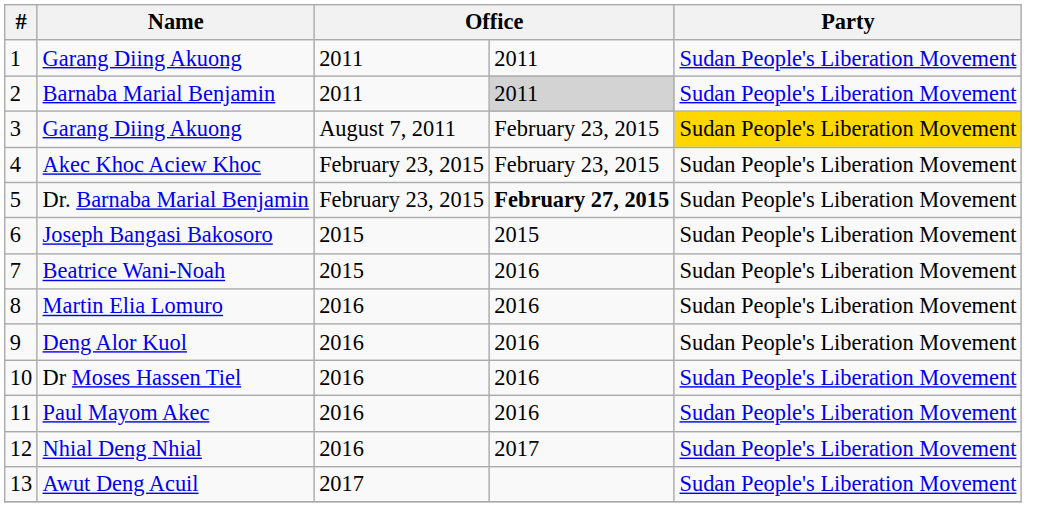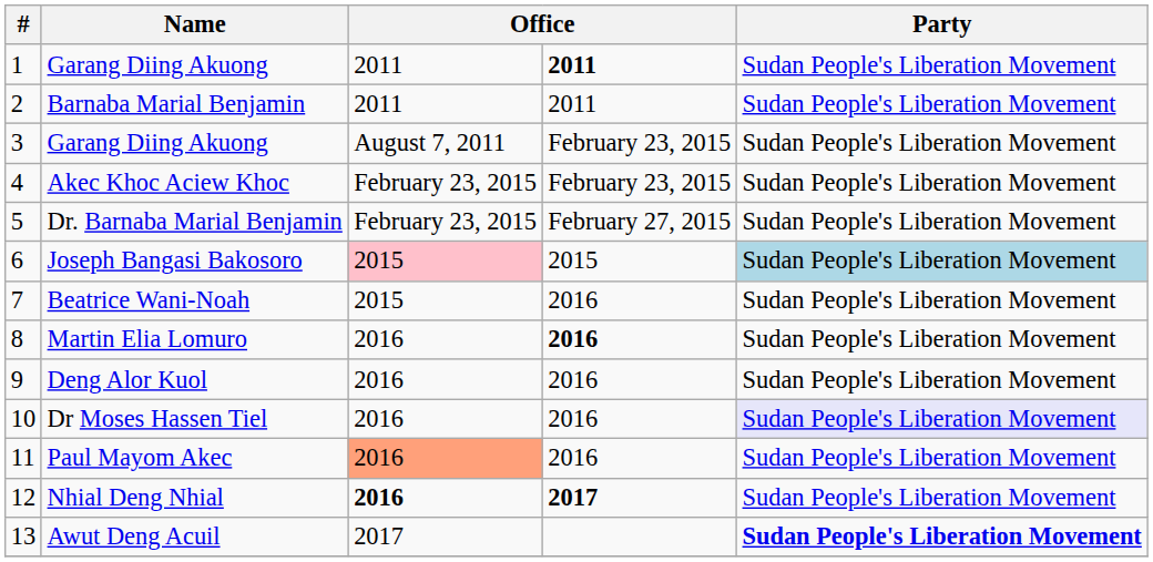 <table class="wikitable">
 <tr>
 <th>#</th>
 <th>Name</th>
 <th colspan="2">Office</th>
 <th>Party</th>
 </tr>
 <tr>
 <td>1</td>
 <td><a href='#'>Garang Diing Akuong</a></td>
 <td>2011</td>
-<td>2011</td>
+<td><strong>2011</strong></td>
 <td><a href='#'>Sudan People's Liberation Movement</a></td>
 </tr>
 <tr>
 <td>2</td>
 <td><a href='#'>Barnaba Marial Benjamin</a></td>
 <td>2011</td>
-<td style="background: lightgrey;">2011</td>
+<td>2011</td>
 <td><a href='#'>Sudan People's Liberation Movement</a></td>
 </tr>
 <tr>
 <td>3</td>
 <td><a href='#'>Garang Diing Akuong</a></td>
 <td>August 7, 2011</td>
 <td>February 23, 2015</td>
-<td style="background: gold;">Sudan People's Liberation Movement</td>
+<td>Sudan People's Liberation Movement</td>
 </tr>
 <tr>
 <td>4</td>
 <td><a href='#'>Akec Khoc Aciew Khoc</a></td>
 <td>February 23, 2015</td>
 <td>February 23, 2015</td>
 <td>Sudan People's Liberation Movement</td>
 </tr>
 <tr>
 <td>5</td>
 <td>Dr. <a href='#'>Barnaba Marial Benjamin</a></td>
 <td>February 23, 2015</td>
-<td><strong>February 27, 2015</strong></td>
+<td>February 27, 2015</td>
 <td>Sudan People's Liberation Movement</td>
 </tr>
 <tr>
 <td>6</td>
 <td><a href='#'>Joseph Bangasi Bakosoro</a></td>
+<td style="background: pink;">2015</td>
 <td>2015</td>
-<td>2015</td>
-<td>Sudan People's Liberation Movement</td>
+<td style="background: lightblue;">Sudan People's Liberation Movement</td>
 </tr>
 <tr>
 <td>7</td>
 <td><a href='#'>Beatrice Wani-Noah</a></td>
 <td>2015</td>
 <td>2016</td>
 <td>Sudan People's Liberation Movement</td>
 </tr>
 <tr>
 <td>8</td>
 <td><a href='#'>Martin Elia Lomuro</a></td>
 <td>2016</td>
-<td>2016</td>
+<td><strong>2016</strong></td>
 <td>Sudan People's Liberation Movement</td>
 </tr>
 <tr>
 <td>9</td>
 <td><a href='#'>Deng Alor Kuol</a></td>
 <td>2016</td>
 <td>2016</td>
 <td>Sudan People's Liberation Movement</td>
 </tr>
 <tr>
 <td>10</td>
 <td>Dr <a href='#'>Moses Hassen Tiel</a></td>
 <td>2016</td>
 <td>2016</td>
-<td><a href='#'>Sudan People's Liberation Movement</a></td>
+<td style="background: lavender;"><a href='#'>Sudan People's Liberation Movement</a></td>
 </tr>
 <tr>
 <td>11</td>
 <td><a href='#'>Paul Mayom Akec</a></td>
-<td>2016</td>
+<td style="background: lightsalmon;">2016</td>
 <td>2016</td>
 <td><a href='#'>Sudan People's Liberation Movement</a></td>
 </tr>
 <tr>
 <td>12</td>
 <td><a href='#'>Nhial Deng Nhial</a></td>
-<td>2016</td>
-<td>2017</td>
+<td><strong>2016</strong></td>
+<td><strong>2017</strong></td>
 <td><a href='#'>Sudan People's Liberation Movement</a></td>
 </tr>
 <tr>
 <td>13</td>
 <td><a href='#'>Awut Deng Acuil</a></td>
 <td>2017</td>
 <td></td>
-<td><a href='#'>Sudan People's Liberation Movement</a></td>
+<td><strong><a href='#'>Sudan People's Liberation Movement</a></strong></td>
 </tr>
 <tr>
 </tr>
 </table>
